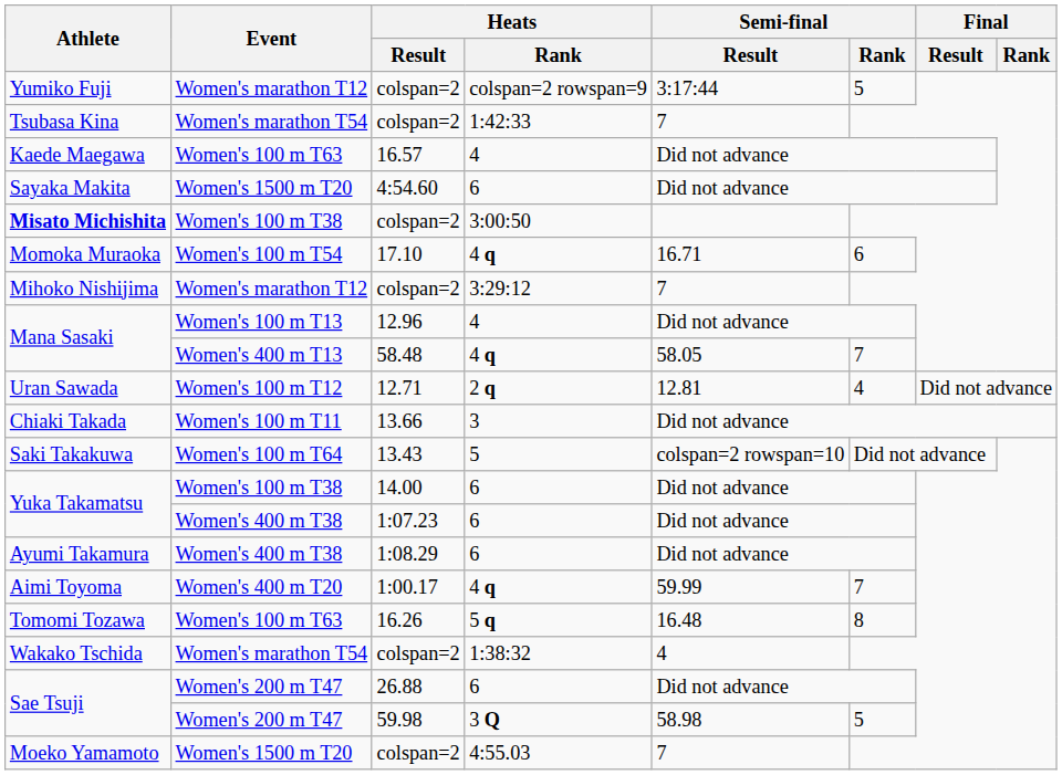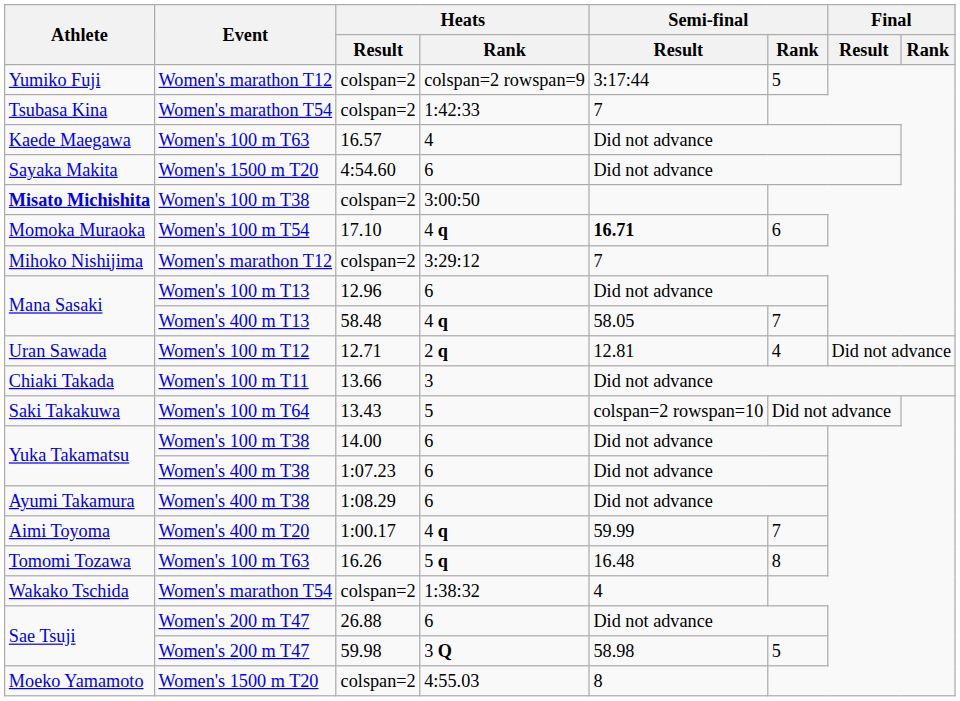 <table class=wikitable style="font-size:95%" style="text-align:center">
 <tr>
 <th rowspan="2">Athlete</th>
 <th rowspan="2">Event</th>
 <th colspan="2">Heats</th>
 <th colspan="2">Semi-final</th>
 <th colspan="2">Final</th>
 </tr>
 <tr>
 <th>Result</th>
 <th>Rank</th>
 <th>Result</th>
 <th>Rank</th>
 <th>Result</th>
 <th>Rank</th>
 </tr>
 <tr>
 <td align=left><a href='#'>Yumiko Fuji</a></td>
 <td align=left><a href='#'>Women's marathon T12</a></td>
 <td>colspan=2 </td>
 <td>colspan=2 rowspan=9 </td>
 <td>3:17:44</td>
 <td>5</td>
 </tr>
 <tr>
 <td align=left><a href='#'>Tsubasa Kina</a></td>
 <td align=left><a href='#'>Women's marathon T54</a></td>
 <td>colspan=2 </td>
 <td>1:42:33</td>
 <td>7</td>
 </tr>
 <tr>
 <td align=left><a href='#'>Kaede Maegawa</a></td>
 <td align=left><a href='#'>Women's 100 m T63</a></td>
 <td>16.57</td>
 <td>4</td>
 <td colspan=3>Did not advance</td>
 </tr>
 <tr>
 <td align=left><a href='#'>Sayaka Makita</a></td>
 <td align=left><a href='#'>Women's 1500 m T20</a></td>
 <td>4:54.60</td>
 <td>6</td>
 <td colspan=3>Did not advance</td>
 </tr>
 <tr>
 <td align=left><strong><a href='#'>Misato Michishita</a></strong></td>
 <td align=left><a href='#'>Women's 100 m T38</a></td>
 <td>colspan=2 </td>
 <td>3:00:50</td>
 <td></td>
 </tr>
 <tr>
 <td align=left><a href='#'>Momoka Muraoka</a></td>
 <td align=left><a href='#'>Women's 100 m T54</a></td>
 <td>17.10</td>
 <td>4 <strong>q</strong></td>
-<td>16.71</td>
+<td><strong>16.71</strong></td>
 <td>6</td>
 </tr>
 <tr>
 <td align=left><a href='#'>Mihoko Nishijima</a></td>
 <td align=left><a href='#'>Women's marathon T12</a></td>
 <td>colspan=2 </td>
 <td>3:29:12</td>
 <td>7</td>
 </tr>
 <tr>
 <td align=left rowspan=2><a href='#'>Mana Sasaki</a></td>
 <td align=left><a href='#'>Women's 100 m T13</a></td>
 <td>12.96</td>
-<td>4</td>
+<td>6</td>
 <td colspan=2>Did not advance</td>
 </tr>
 <tr>
 <td align=left><a href='#'>Women's 400 m T13</a></td>
 <td>58.48</td>
 <td>4 <strong>q</strong></td>
 <td>58.05</td>
 <td>7</td>
 </tr>
 <tr>
 <td align=left><a href='#'>Uran Sawada</a></td>
 <td align=left><a href='#'>Women's 100 m T12</a></td>
 <td>12.71</td>
 <td>2 <strong>q</strong></td>
 <td>12.81</td>
 <td>4</td>
 <td colspan=2>Did not advance</td>
 </tr>
 <tr>
 <td align=left><a href='#'>Chiaki Takada</a></td>
 <td align=left><a href='#'>Women's 100 m T11</a></td>
 <td>13.66</td>
 <td>3</td>
 <td colspan=4>Did not advance</td>
 </tr>
 <tr>
 <td align=left><a href='#'>Saki Takakuwa</a></td>
 <td align=left><a href='#'>Women's 100 m T64</a></td>
 <td>13.43</td>
 <td>5</td>
 <td>colspan=2 rowspan=10 </td>
 <td colspan=2>Did not advance</td>
 </tr>
 <tr>
 <td align=left rowspan=2><a href='#'>Yuka Takamatsu</a></td>
 <td align=left><a href='#'>Women's 100 m T38</a></td>
 <td>14.00</td>
 <td>6</td>
 <td colspan=2>Did not advance</td>
 </tr>
 <tr>
 <td align=left><a href='#'>Women's 400 m T38</a></td>
 <td>1:07.23</td>
 <td>6</td>
 <td colspan=2>Did not advance</td>
 </tr>
 <tr>
 <td align=left><a href='#'>Ayumi Takamura</a></td>
 <td align=left><a href='#'>Women's 400 m T38</a></td>
 <td>1:08.29</td>
 <td>6</td>
 <td colspan=2>Did not advance</td>
 </tr>
 <tr>
 <td align=left><a href='#'>Aimi Toyoma</a></td>
 <td align=left><a href='#'>Women's 400 m T20</a></td>
 <td>1:00.17</td>
 <td>4 <strong>q</strong></td>
 <td>59.99</td>
 <td>7</td>
 </tr>
 <tr>
 <td align=left><a href='#'>Tomomi Tozawa</a></td>
 <td align=left><a href='#'>Women's 100 m T63</a></td>
 <td>16.26</td>
 <td>5 <strong>q</strong></td>
 <td>16.48</td>
 <td>8</td>
 </tr>
 <tr>
 <td align=left><a href='#'>Wakako Tschida</a></td>
 <td align=left><a href='#'>Women's marathon T54</a></td>
 <td>colspan=2 </td>
 <td>1:38:32</td>
 <td>4</td>
 </tr>
 <tr>
 <td align=left rowspan=2><a href='#'>Sae Tsuji</a></td>
 <td align=left><a href='#'>Women's 200 m T47</a></td>
 <td>26.88</td>
 <td>6</td>
 <td colspan=2>Did not advance</td>
 </tr>
 <tr>
 <td align=left><a href='#'>Women's 200 m T47</a></td>
 <td>59.98</td>
 <td>3 <strong>Q</strong></td>
 <td>58.98</td>
 <td>5</td>
 </tr>
 <tr>
 <td align=left><a href='#'>Moeko Yamamoto</a></td>
 <td align=left><a href='#'>Women's 1500 m T20</a></td>
 <td>colspan=2 </td>
 <td>4:55.03</td>
-<td>7</td>
+<td>8</td>
 </tr>
 </table>
